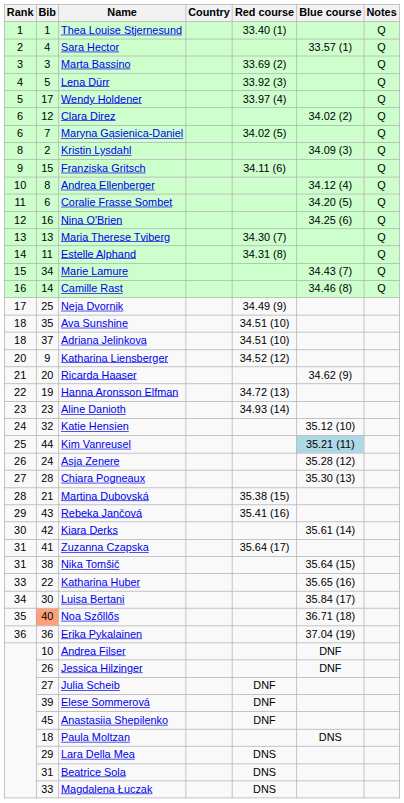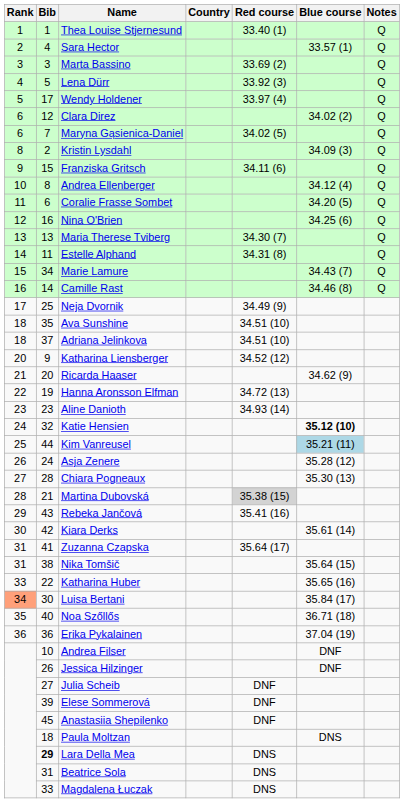 <table class="wikitable sortable" style="text-align:center">
 <tr>
 <th>Rank</th>
 <th>Bib</th>
 <th>Name</th>
 <th>Country</th>
 <th>Red course</th>
 <th>Blue course</th>
 <th>Notes</th>
 </tr>
 <tr bgcolor=ccffcc>
 <td>1</td>
 <td>1</td>
 <td align=left><a href='#'>Thea Louise Stjernesund</a></td>
 <td align=left></td>
 <td>33.40 (1)</td>
 <td></td>
 <td>Q</td>
 </tr>
 <tr bgcolor=ccffcc>
 <td>2</td>
 <td>4</td>
 <td align=left><a href='#'>Sara Hector</a></td>
 <td align=left></td>
 <td></td>
 <td>33.57 (1)</td>
 <td>Q</td>
 </tr>
 <tr bgcolor=ccffcc>
 <td>3</td>
 <td>3</td>
 <td align=left><a href='#'>Marta Bassino</a></td>
 <td align=left></td>
 <td>33.69 (2)</td>
 <td></td>
 <td>Q</td>
 </tr>
 <tr bgcolor=ccffcc>
 <td>4</td>
 <td>5</td>
 <td align=left><a href='#'>Lena Dürr</a></td>
 <td align=left></td>
 <td>33.92 (3)</td>
 <td></td>
 <td>Q</td>
 </tr>
 <tr bgcolor=ccffcc>
 <td>5</td>
 <td>17</td>
 <td align=left><a href='#'>Wendy Holdener</a></td>
 <td align=left></td>
 <td>33.97 (4)</td>
 <td></td>
 <td>Q</td>
 </tr>
 <tr bgcolor=ccffcc>
 <td>6</td>
 <td>12</td>
 <td align=left><a href='#'>Clara Direz</a></td>
 <td align=left></td>
 <td></td>
 <td>34.02 (2)</td>
 <td>Q</td>
 </tr>
 <tr bgcolor=ccffcc>
 <td>6</td>
 <td>7</td>
 <td align=left><a href='#'>Maryna Gąsienica-Daniel</a></td>
 <td align=left></td>
 <td>34.02 (5)</td>
 <td></td>
 <td>Q</td>
 </tr>
 <tr bgcolor=ccffcc>
 <td>8</td>
 <td>2</td>
 <td align=left><a href='#'>Kristin Lysdahl</a></td>
 <td align=left></td>
 <td></td>
 <td>34.09 (3)</td>
 <td>Q</td>
 </tr>
 <tr bgcolor=ccffcc>
 <td>9</td>
 <td>15</td>
 <td align=left><a href='#'>Franziska Gritsch</a></td>
 <td align=left></td>
 <td>34.11 (6)</td>
 <td></td>
 <td>Q</td>
 </tr>
 <tr bgcolor=ccffcc>
 <td>10</td>
 <td>8</td>
 <td align=left><a href='#'>Andrea Ellenberger</a></td>
 <td align=left></td>
 <td></td>
 <td>34.12 (4)</td>
 <td>Q</td>
 </tr>
 <tr bgcolor=ccffcc>
 <td>11</td>
 <td>6</td>
 <td align=left><a href='#'>Coralie Frasse Sombet</a></td>
 <td align=left></td>
 <td></td>
 <td>34.20 (5)</td>
 <td>Q</td>
 </tr>
 <tr bgcolor=ccffcc>
 <td>12</td>
 <td>16</td>
 <td align=left><a href='#'>Nina O'Brien</a></td>
 <td align=left></td>
 <td></td>
 <td>34.25 (6)</td>
 <td>Q</td>
 </tr>
 <tr bgcolor=ccffcc>
 <td>13</td>
 <td>13</td>
 <td align=left><a href='#'>Maria Therese Tviberg</a></td>
 <td align=left></td>
 <td>34.30 (7)</td>
 <td></td>
 <td>Q</td>
 </tr>
 <tr bgcolor=ccffcc>
 <td>14</td>
 <td>11</td>
 <td align=left><a href='#'>Estelle Alphand</a></td>
 <td align=left></td>
 <td>34.31 (8)</td>
 <td></td>
 <td>Q</td>
 </tr>
 <tr bgcolor=ccffcc>
 <td>15</td>
 <td>34</td>
 <td align=left><a href='#'>Marie Lamure</a></td>
 <td align=left></td>
 <td></td>
 <td>34.43 (7)</td>
 <td>Q</td>
 </tr>
 <tr bgcolor=ccffcc>
 <td>16</td>
 <td>14</td>
 <td align=left><a href='#'>Camille Rast</a></td>
 <td align=left></td>
 <td></td>
 <td>34.46 (8)</td>
 <td>Q</td>
 </tr>
 <tr>
 <td>17</td>
 <td>25</td>
 <td align=left><a href='#'>Neja Dvornik</a></td>
 <td align=left></td>
 <td>34.49 (9)</td>
 <td></td>
 <td></td>
 </tr>
 <tr>
 <td>18</td>
 <td>35</td>
 <td align=left><a href='#'>Ava Sunshine</a></td>
 <td align=left></td>
 <td>34.51 (10)</td>
 <td></td>
 <td></td>
 </tr>
 <tr>
 <td>18</td>
 <td>37</td>
 <td align=left><a href='#'>Adriana Jelinkova</a></td>
 <td align=left></td>
 <td>34.51 (10)</td>
 <td></td>
 <td></td>
 </tr>
 <tr>
 <td>20</td>
 <td>9</td>
 <td align=left><a href='#'>Katharina Liensberger</a></td>
 <td align=left></td>
 <td>34.52 (12)</td>
 <td></td>
 <td></td>
 </tr>
 <tr>
 <td>21</td>
 <td>20</td>
 <td align=left><a href='#'>Ricarda Haaser</a></td>
 <td align=left></td>
 <td></td>
 <td>34.62 (9)</td>
 <td></td>
 </tr>
 <tr>
 <td>22</td>
 <td>19</td>
 <td align=left><a href='#'>Hanna Aronsson Elfman</a></td>
 <td align=left></td>
 <td>34.72 (13)</td>
 <td></td>
 <td></td>
 </tr>
 <tr>
 <td>23</td>
 <td>23</td>
 <td align=left><a href='#'>Aline Danioth</a></td>
 <td align=left></td>
 <td>34.93 (14)</td>
 <td></td>
 <td></td>
 </tr>
 <tr>
 <td>24</td>
 <td>32</td>
 <td align=left><a href='#'>Katie Hensien</a></td>
 <td align=left></td>
 <td></td>
-<td>35.12 (10)</td>
+<td><strong>35.12 (10)</strong></td>
 <td></td>
 </tr>
 <tr>
 <td>25</td>
 <td>44</td>
 <td align=left><a href='#'>Kim Vanreusel</a></td>
 <td align=left></td>
 <td></td>
 <td style="background: lightblue;">35.21 (11)</td>
 <td></td>
 </tr>
 <tr>
 <td>26</td>
 <td>24</td>
 <td align=left><a href='#'>Asja Zenere</a></td>
 <td align=left></td>
 <td></td>
 <td>35.28 (12)</td>
 <td></td>
 </tr>
 <tr>
 <td>27</td>
 <td>28</td>
 <td align=left><a href='#'>Chiara Pogneaux</a></td>
 <td align=left></td>
 <td></td>
 <td>35.30 (13)</td>
 <td></td>
 </tr>
 <tr>
 <td>28</td>
 <td>21</td>
 <td align=left><a href='#'>Martina Dubovská</a></td>
 <td align=left></td>
-<td>35.38 (15)</td>
+<td style="background: lightgrey;">35.38 (15)</td>
 <td></td>
 <td></td>
 </tr>
 <tr>
 <td>29</td>
 <td>43</td>
 <td align=left><a href='#'>Rebeka Jančová</a></td>
 <td align=left></td>
 <td>35.41 (16)</td>
 <td></td>
 <td></td>
 </tr>
 <tr>
 <td>30</td>
 <td>42</td>
 <td align=left><a href='#'>Kiara Derks</a></td>
 <td align=left></td>
 <td></td>
 <td>35.61 (14)</td>
 <td></td>
 </tr>
 <tr>
 <td>31</td>
 <td>41</td>
 <td align=left><a href='#'>Zuzanna Czapska</a></td>
 <td align=left></td>
 <td>35.64 (17)</td>
 <td></td>
 <td></td>
 </tr>
 <tr>
 <td>31</td>
 <td>38</td>
 <td align=left><a href='#'>Nika Tomšič</a></td>
 <td align=left></td>
 <td></td>
 <td>35.64 (15)</td>
 <td></td>
 </tr>
 <tr>
 <td>33</td>
 <td>22</td>
 <td align=left><a href='#'>Katharina Huber</a></td>
 <td align=left></td>
 <td></td>
 <td>35.65 (16)</td>
 <td></td>
 </tr>
 <tr>
-<td>34</td>
+<td style="background: lightsalmon;">34</td>
 <td>30</td>
 <td align=left><a href='#'>Luisa Bertani</a></td>
 <td align=left></td>
 <td></td>
 <td>35.84 (17)</td>
 <td></td>
 </tr>
 <tr>
 <td>35</td>
-<td style="background: lightsalmon;">40</td>
+<td>40</td>
 <td align=left><a href='#'>Noa Szőllős</a></td>
 <td align=left></td>
 <td></td>
 <td>36.71 (18)</td>
 <td></td>
 </tr>
 <tr>
 <td>36</td>
 <td>36</td>
 <td align=left><a href='#'>Erika Pykalainen</a></td>
 <td align=left></td>
 <td></td>
 <td>37.04 (19)</td>
 <td></td>
 </tr>
 <tr>
 <td rowspan=9></td>
 <td>10</td>
 <td align=left><a href='#'>Andrea Filser</a></td>
 <td align=left></td>
 <td></td>
 <td>DNF</td>
 <td></td>
 </tr>
 <tr>
 <td>26</td>
 <td align=left><a href='#'>Jessica Hilzinger</a></td>
 <td align=left></td>
 <td></td>
 <td>DNF</td>
 <td></td>
 </tr>
 <tr>
 <td>27</td>
 <td align=left><a href='#'>Julia Scheib</a></td>
 <td align=left></td>
 <td>DNF</td>
 <td></td>
 <td></td>
 </tr>
 <tr>
 <td>39</td>
 <td align=left><a href='#'>Elese Sommerová</a></td>
 <td align=left></td>
 <td>DNF</td>
 <td></td>
 <td></td>
 </tr>
 <tr>
 <td>45</td>
 <td align=left><a href='#'>Anastasiia Shepilenko</a></td>
 <td align=left></td>
 <td>DNF</td>
 <td></td>
 <td></td>
 </tr>
 <tr>
 <td>18</td>
 <td align=left><a href='#'>Paula Moltzan</a></td>
 <td align=left></td>
 <td></td>
 <td>DNS</td>
 <td></td>
 </tr>
 <tr>
-<td>29</td>
+<td><strong>29</strong></td>
 <td align=left><a href='#'>Lara Della Mea</a></td>
 <td align=left></td>
 <td>DNS</td>
 <td></td>
 <td></td>
 </tr>
 <tr>
 <td>31</td>
 <td align=left><a href='#'>Beatrice Sola</a></td>
 <td align=left></td>
 <td>DNS</td>
 <td></td>
 <td></td>
 </tr>
 <tr>
 <td>33</td>
 <td align=left><a href='#'>Magdalena Łuczak</a></td>
 <td align=left></td>
 <td>DNS</td>
 <td></td>
 <td></td>
 </tr>
 </table>
